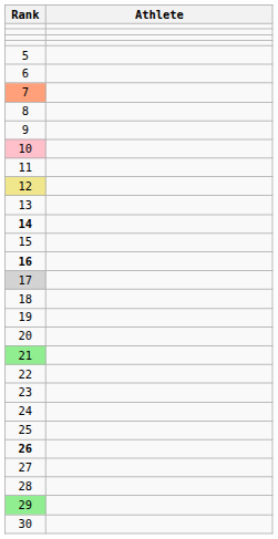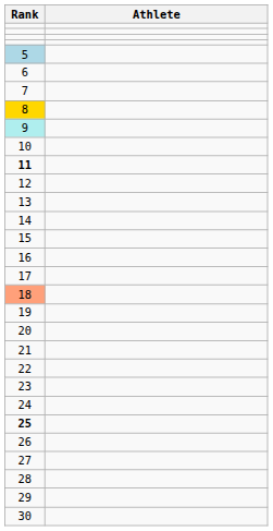 <table class="wikitable" style="text-align: center;">
 <tr>
 <th width=40>Rank</th>
 <th width=250>Athlete</th>
 </tr>
 <tr>
 <td></td>
 <td align=left></td>
 </tr>
 <tr>
 <td></td>
 <td align=left></td>
 </tr>
 <tr>
 <td></td>
 <td align=left></td>
 </tr>
 <tr>
 <td></td>
 <td align=left></td>
 </tr>
 <tr>
-<td>5</td>
+<td style="background: lightblue;">5</td>
 <td align=left></td>
 </tr>
 <tr>
 <td>6</td>
 <td align=left></td>
 </tr>
 <tr>
-<td style="background: lightsalmon;">7</td>
+<td>7</td>
 <td align=left></td>
 </tr>
 <tr>
-<td>8</td>
+<td style="background: gold;">8</td>
 <td align=left></td>
 </tr>
 <tr>
-<td>9</td>
+<td style="background: paleturquoise;">9</td>
 <td align=left></td>
 </tr>
 <tr>
-<td style="background: pink;">10</td>
+<td>10</td>
 <td align=left></td>
 </tr>
 <tr>
-<td>11</td>
+<td><strong>11</strong></td>
 <td align=left></td>
 </tr>
 <tr>
-<td style="background: khaki;">12</td>
+<td>12</td>
 <td align=left></td>
 </tr>
 <tr>
 <td>13</td>
 <td align=left></td>
 </tr>
 <tr>
-<td><strong>14</strong></td>
+<td>14</td>
 <td align=left></td>
 </tr>
 <tr>
 <td>15</td>
 <td align=left></td>
 </tr>
 <tr>
-<td><strong>16</strong></td>
+<td>16</td>
 <td align=left></td>
 </tr>
 <tr>
-<td style="background: lightgrey;">17</td>
+<td>17</td>
 <td align=left></td>
 </tr>
 <tr>
-<td>18</td>
+<td style="background: lightsalmon;">18</td>
 <td align=left></td>
 </tr>
 <tr>
 <td>19</td>
 <td align=left></td>
 </tr>
 <tr>
 <td>20</td>
 <td align=left></td>
 </tr>
 <tr>
-<td style="background: lightgreen;">21</td>
+<td>21</td>
 <td align=left></td>
 </tr>
 <tr>
 <td>22</td>
 <td align=left></td>
 </tr>
 <tr>
 <td>23</td>
 <td align=left></td>
 </tr>
 <tr>
 <td>24</td>
 <td align=left></td>
 </tr>
 <tr>
-<td>25</td>
+<td><strong>25</strong></td>
 <td align=left></td>
 </tr>
 <tr>
-<td><strong>26</strong></td>
+<td>26</td>
 <td align=left></td>
 </tr>
 <tr>
 <td>27</td>
 <td align=left></td>
 </tr>
 <tr>
 <td>28</td>
 <td align=left></td>
 </tr>
 <tr>
-<td style="background: lightgreen;">29</td>
+<td>29</td>
 <td align=left></td>
 </tr>
 <tr>
 <td>30</td>
 <td align=left></td>
 </tr>
 </table>
